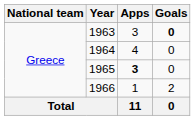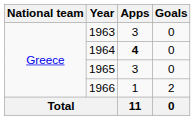 <table class="wikitable" style="text-align:center">
 <tr>
 <th>National team</th>
 <th>Year</th>
 <th>Apps</th>
 <th>Goals</th>
 </tr>
 <tr>
 <td rowspan="4"><a href='#'>Greece</a></td>
 <td>1963</td>
 <td>3</td>
-<td><strong>0</strong></td>
+<td>0</td>
 </tr>
 <tr>
 <td>1964</td>
-<td>4</td>
+<td><strong>4</strong></td>
 <td>0</td>
 </tr>
 <tr>
 <td>1965</td>
-<td><strong>3</strong></td>
+<td>3</td>
 <td>0</td>
 </tr>
 <tr>
 <td>1966</td>
 <td>1</td>
 <td>2</td>
 </tr>
 <tr>
 <th colspan="2">Total</th>
 <th>11</th>
 <th>0</th>
 </tr>
 </table>
